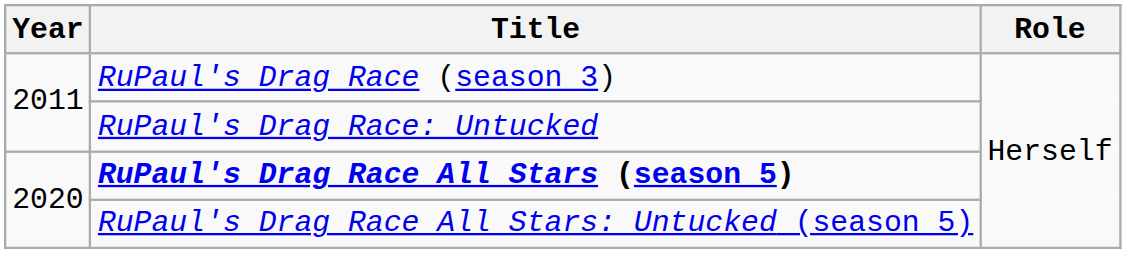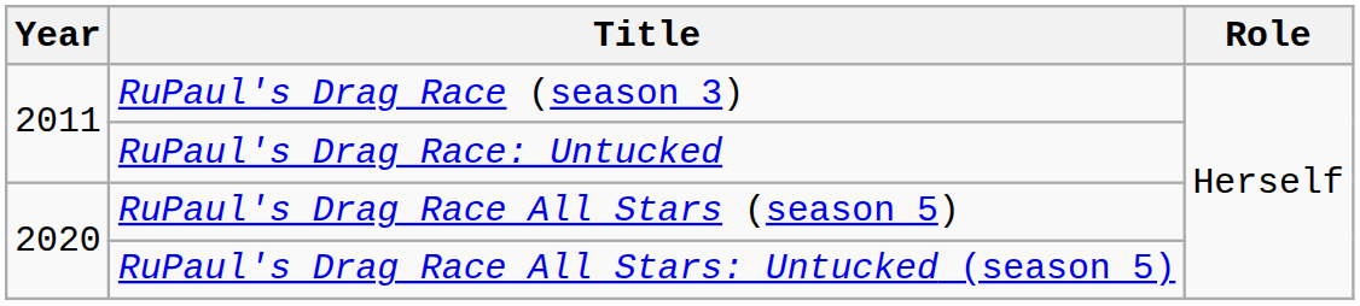 <table class="wikitable plainrowheaders sortable">
 <tr>
 <th scope="col">Year</th>
 <th scope="col">Title</th>
 <th scope="col">Role</th>
 </tr>
 <tr>
 <td rowspan="2">2011</td>
 <td scope="row"><em><a href='#'>RuPaul's Drag Race</a></em> (<a href='#'>season 3</a>)</td>
 <td rowspan="4">Herself</td>
 </tr>
 <tr>
 <td scope="row"><em><a href='#'>RuPaul's Drag Race: Untucked</a></em></td>
 </tr>
 <tr>
 <td rowspan="2">2020</td>
-<td scope="row"><strong><em><a href='#'>RuPaul's Drag Race All Stars</a></em> (<a href='#'>season 5</a>)</strong></td>
+<td scope="row"><em><a href='#'>RuPaul's Drag Race All Stars</a></em> (<a href='#'>season 5</a>)</td>
 </tr>
 <tr>
 <td scope="row"><a href='#'><em>RuPaul's Drag Race All Stars: Untucked</em> (season 5)</a></td>
 </tr>
 </table>
